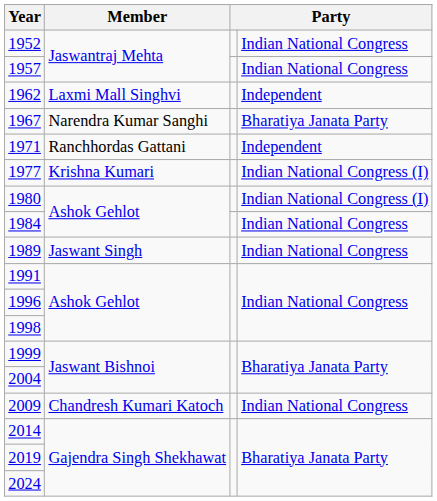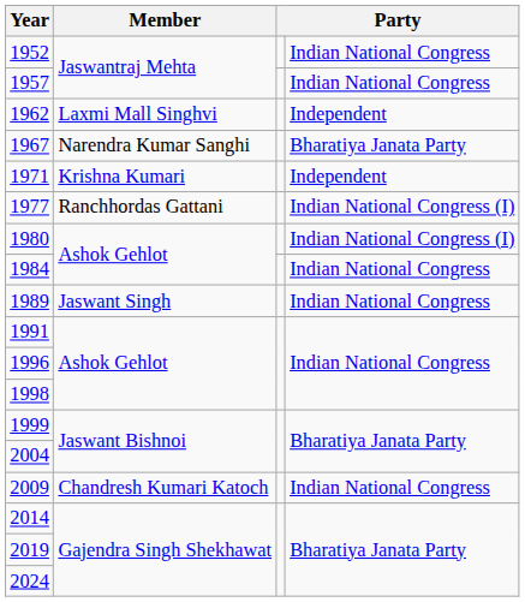 <table class="wikitable">
 <tr>
 <th>Year</th>
 <th>Member</th>
 <th colspan="2">Party</th>
 </tr>
 <tr>
 <td><a href='#'>1952</a></td>
 <td rowspan="2"><a href='#'>Jaswantraj Mehta</a></td>
 <td style="background-color: "></td>
 <td><a href='#'>Indian National Congress</a></td>
 </tr>
 <tr>
 <td><a href='#'>1957</a></td>
 <td style="background-color: "></td>
 <td><a href='#'>Indian National Congress</a></td>
 </tr>
 <tr>
 <td><a href='#'>1962</a></td>
 <td><a href='#'>Laxmi Mall Singhvi</a></td>
 <td style="background-color: "></td>
 <td><a href='#'>Independent</a></td>
 </tr>
 <tr>
 <td><a href='#'>1967</a></td>
 <td>Narendra Kumar Sanghi</td>
 <td style="background-color: "></td>
 <td><a href='#'>Bharatiya Janata Party</a></td>
 </tr>
 <tr>
 <td><a href='#'>1971</a></td>
-<td>Ranchhordas Gattani</td>
+<td><a href='#'>Krishna Kumari</a></td>
 <td style="background-color: "></td>
 <td><a href='#'>Independent</a></td>
 </tr>
 <tr>
 <td><a href='#'>1977</a></td>
-<td><a href='#'>Krishna Kumari</a></td>
+<td>Ranchhordas Gattani</td>
 <td style="background-color: "></td>
 <td><a href='#'>Indian National Congress (I)</a></td>
 </tr>
 <tr>
 <td><a href='#'>1980</a></td>
 <td rowspan="2"><a href='#'>Ashok Gehlot</a></td>
 <td style="background-color: "></td>
 <td><a href='#'>Indian National Congress (I)</a></td>
 </tr>
 <tr>
 <td><a href='#'>1984</a></td>
 <td style="background-color: "></td>
 <td><a href='#'>Indian National Congress</a></td>
 </tr>
 <tr>
 <td><a href='#'>1989</a></td>
 <td><a href='#'>Jaswant Singh</a></td>
 <td style="background-color: "></td>
 <td><a href='#'>Indian National Congress</a></td>
 </tr>
 <tr>
 <td><a href='#'>1991</a></td>
 <td rowspan="3"><a href='#'>Ashok Gehlot</a></td>
 <td rowspan="3" style="background-color: "></td>
 <td rowspan="3"><a href='#'>Indian National Congress</a></td>
 </tr>
 <tr>
 <td><a href='#'>1996</a></td>
 </tr>
 <tr>
 <td><a href='#'>1998</a></td>
 </tr>
 <tr>
 <td><a href='#'>1999</a></td>
 <td rowspan="2"><a href='#'>Jaswant Bishnoi</a></td>
 <td rowspan="2" style="background-color: "></td>
 <td rowspan="2"><a href='#'>Bharatiya Janata Party</a></td>
 </tr>
 <tr>
 <td><a href='#'>2004</a></td>
 </tr>
 <tr>
 <td><a href='#'>2009</a></td>
 <td><a href='#'>Chandresh Kumari Katoch</a></td>
 <td style="background-color: "></td>
 <td><a href='#'>Indian National Congress</a></td>
 </tr>
 <tr>
 <td><a href='#'>2014</a></td>
 <td rowspan="3"><a href='#'>Gajendra Singh Shekhawat</a></td>
 <td rowspan="3" style="background-color: "></td>
 <td rowspan="3"><a href='#'>Bharatiya Janata Party</a></td>
 </tr>
 <tr>
 <td><a href='#'>2019</a></td>
 </tr>
 <tr>
 <td><a href='#'>2024</a></td>
 </tr>
 </table>
